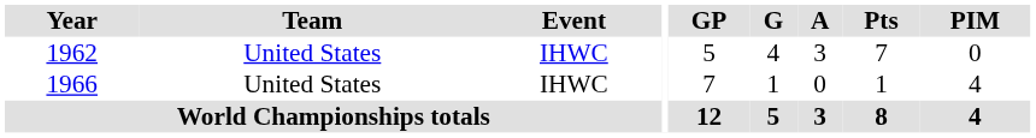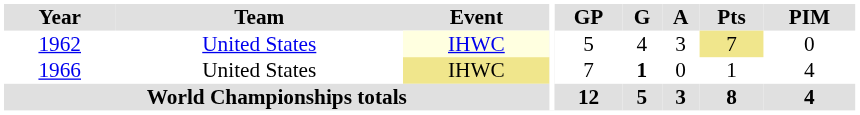 <table border="0" cellpadding="1" cellspacing="0" ID="Table3" style="text-align:center; width:40em">
 <tr ALIGN="center" bgcolor="#e0e0e0">
 <th>Year</th>
 <th>Team</th>
 <th>Event</th>
 <th rowspan="99" bgcolor="#ffffff"></th>
 <th>GP</th>
 <th>G</th>
 <th>A</th>
 <th>Pts</th>
 <th>PIM</th>
 </tr>
 <tr>
 <td><a href='#'>1962</a></td>
 <td><a href='#'>United States</a></td>
-<td><a href='#'>IHWC</a></td>
+<td style="background: lightyellow;"><a href='#'>IHWC</a></td>
 <td>5</td>
 <td>4</td>
 <td>3</td>
-<td>7</td>
+<td style="background: khaki;">7</td>
 <td>0</td>
 </tr>
 <tr>
 <td><a href='#'>1966</a></td>
 <td>United States</td>
-<td>IHWC</td>
+<td style="background: khaki;">IHWC</td>
 <td>7</td>
-<td>1</td>
+<td><strong>1</strong></td>
 <td>0</td>
 <td>1</td>
 <td>4</td>
 </tr>
 <tr bgcolor="#e0e0e0">
 <th colspan="3">World Championships totals</th>
 <th>12</th>
 <th>5</th>
 <th>3</th>
 <th>8</th>
 <th>4</th>
 </tr>
 </table>
